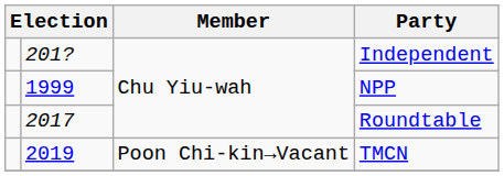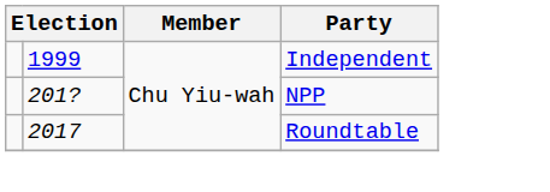 <table class="wikitable">
 <tr>
 <th colspan="2">Election</th>
 <th>Member</th>
 <th>Party</th>
 </tr>
 <tr>
 <td style="color:inherit;background:"></td>
-<td><em>201?</em></td>
+<td><a href='#'>1999</a></td>
 <td rowspan=3>Chu Yiu-wah</td>
 <td><a href='#'>Independent</a></td>
 </tr>
 <tr>
 <td style="color:inherit;background:"></td>
-<td><a href='#'>1999</a></td>
+<td><em>201?</em></td>
 <td><a href='#'>NPP</a></td>
 </tr>
 <tr>
 <td style="color:inherit;background:"></td>
 <td><em>2017</em></td>
 <td><a href='#'>Roundtable</a></td>
 </tr>
 <tr>
-<td style="color:inherit;background:"></td>
-<td><a href='#'>2019</a></td>
-<td>Poon Chi-kin→Vacant</td>
-<td><a href='#'>TMCN</a></td>
-</tr>
-<tr>
 </tr>
 </table>
